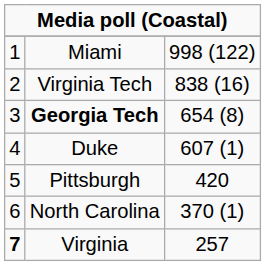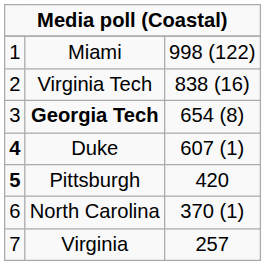 <table class="wikitable">
 <tr align="center">
 <td align="center" Colspan="3"><strong>Media poll (Coastal)</strong></td>
 </tr>
 <tr align="center">
 </tr>
 <tr align="center">
 <td>1</td>
 <td>Miami</td>
 <td>998 (122)</td>
 </tr>
 <tr align="center">
 <td>2</td>
 <td>Virginia Tech</td>
 <td>838 (16)</td>
 </tr>
 <tr align="center">
 <td>3</td>
 <td><strong>Georgia Tech</strong></td>
 <td>654 (8)</td>
 </tr>
 <tr align="center">
-<td>4</td>
+<td><strong>4</strong></td>
 <td>Duke</td>
 <td>607 (1)</td>
 </tr>
 <tr align="center">
-<td>5</td>
+<td><strong>5</strong></td>
 <td>Pittsburgh</td>
 <td>420</td>
 </tr>
 <tr align="center">
 <td>6</td>
 <td>North Carolina</td>
 <td>370 (1)</td>
 </tr>
 <tr align="center">
-<td><strong>7</strong></td>
+<td>7</td>
 <td>Virginia</td>
 <td>257</td>
 </tr>
 </table>
